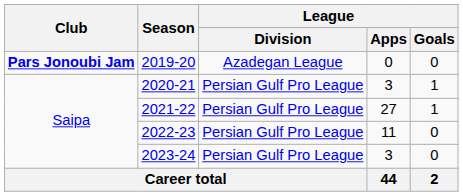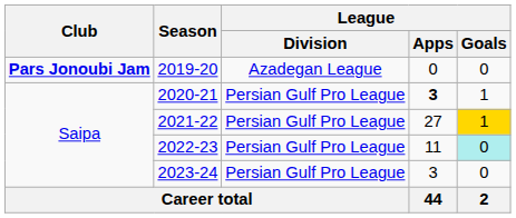 <table class="wikitable" style="text-align: center">
 <tr>
 <th rowspan="2">Club</th>
 <th rowspan="2">Season</th>
 <th colspan="3">League</th>
 </tr>
 <tr>
 <th>Division</th>
 <th>Apps</th>
 <th>Goals</th>
 </tr>
 <tr>
 <td><strong><a href='#'>Pars Jonoubi Jam</a></strong></td>
 <td><a href='#'>2019-20</a></td>
 <td><a href='#'>Azadegan League</a></td>
 <td>0</td>
 <td>0</td>
 </tr>
 <tr>
 <td rowspan="4"><a href='#'>Saipa</a></td>
 <td><a href='#'>2020-21</a></td>
 <td><a href='#'>Persian Gulf Pro League</a></td>
-<td>3</td>
+<td><strong>3</strong></td>
 <td>1</td>
 </tr>
 <tr>
 <td><a href='#'>2021-22</a></td>
 <td><a href='#'>Persian Gulf Pro League</a></td>
 <td>27</td>
-<td>1</td>
+<td style="background: gold;">1</td>
 </tr>
 <tr>
 <td><a href='#'>2022-23</a></td>
 <td><a href='#'>Persian Gulf Pro League</a></td>
 <td>11</td>
-<td>0</td>
+<td style="background: paleturquoise;">0</td>
 </tr>
 <tr>
 <td><a href='#'>2023-24</a></td>
 <td><a href='#'>Persian Gulf Pro League</a></td>
 <td>3</td>
 <td>0</td>
 </tr>
 <tr>
 <th colspan="3">Career total</th>
 <th>44</th>
 <th>2</th>
 </tr>
 </table>
